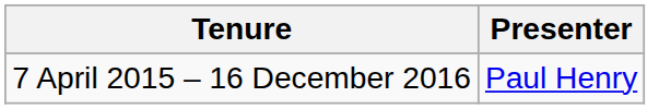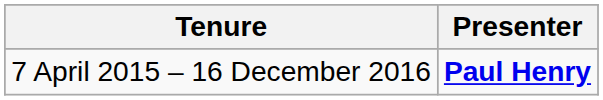 <table class=wikitable>
 <tr>
 <th>Tenure</th>
 <th>Presenter</th>
 </tr>
 <tr>
 <td>7 April 2015 – 16 December 2016</td>
-<td><a href='#'>Paul Henry</a></td>
+<td><strong><a href='#'>Paul Henry</a></strong></td>
 </tr>
 </table>
